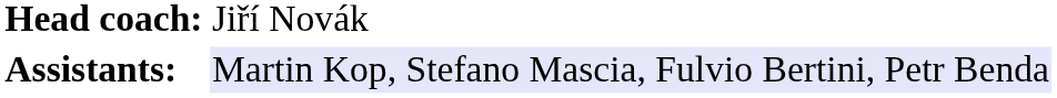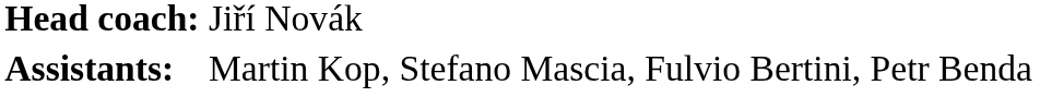 <table>
 <tr>
 <td><strong>Head coach:</strong></td>
 <td>Jiří Novák</td>
 </tr>
 <tr>
 <td><strong>Assistants:</strong></td>
-<td style="background: lavender;">Martin Kop, Stefano Mascia, Fulvio Bertini, Petr Benda</td>
+<td>Martin Kop, Stefano Mascia, Fulvio Bertini, Petr Benda</td>
 </tr>
 </table>
